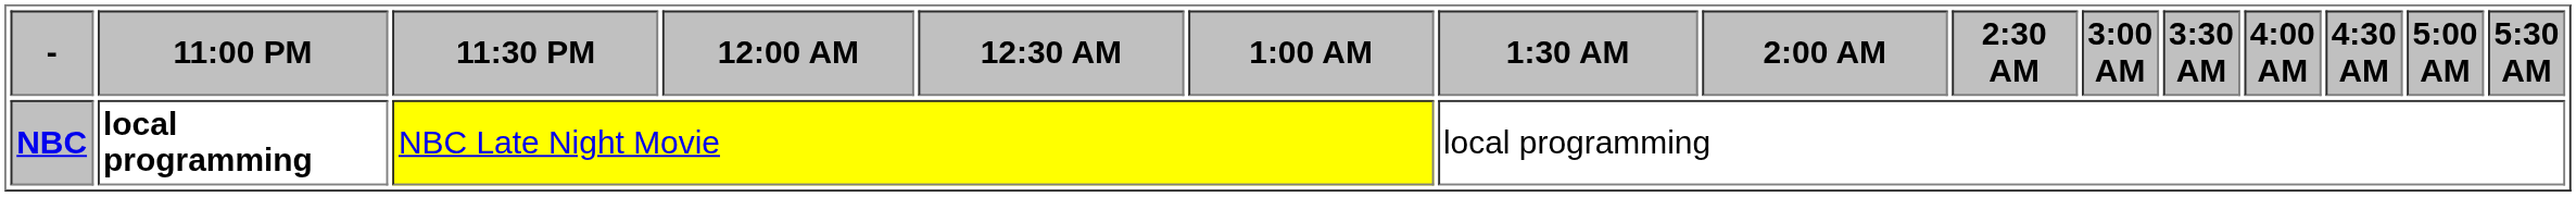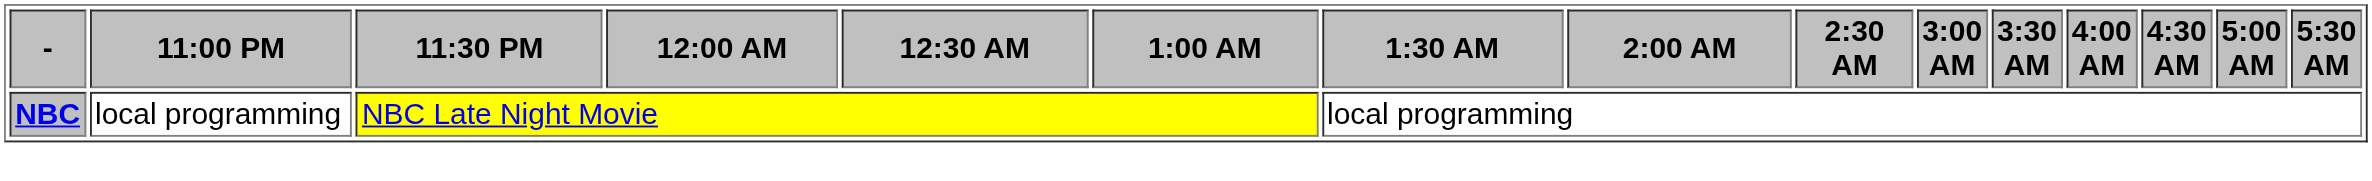 <table border="1" cellpadding="2">
 <tr>
 <th bgcolor="#C0C0C0">-</th>
 <th width="13%" bgcolor="#C0C0C0">11:00 PM</th>
 <th width="14%" bgcolor="#C0C0C0">11:30 PM</th>
 <th width="13%" bgcolor="#C0C0C0">12:00 AM</th>
 <th width="14%" bgcolor="#C0C0C0">12:30 AM</th>
 <th width="13%" bgcolor="#C0C0C0">1:00 AM</th>
 <th width="14%" bgcolor="#C0C0C0">1:30 AM</th>
 <th width="13%" bgcolor="#C0C0C0">2:00 AM</th>
 <th width="14%" bgcolor="#C0C0C0">2:30 AM</th>
 <th width="13%" bgcolor="#C0C0C0">3:00 AM</th>
 <th width="14%" bgcolor="#C0C0C0">3:30 AM</th>
 <th width="13%" bgcolor="#C0C0C0">4:00 AM</th>
 <th width="14%" bgcolor="#C0C0C0">4:30 AM</th>
 <th width="13%" bgcolor="#C0C0C0">5:00 AM</th>
 <th width="14%" bgcolor="#C0C0C0">5:30 AM</th>
 </tr>
 <tr>
 <th bgcolor="#C0C0C0"><a href='#'>NBC</a></th>
-<td bgcolor="white"><strong>local programming</strong></td>
+<td bgcolor="white">local programming</td>
 <td bgcolor="yellow" colspan="4"><a href='#'>NBC Late Night Movie</a></td>
 <td bgcolor="white" colspan="10">local programming</td>
 </tr>
 </table>
